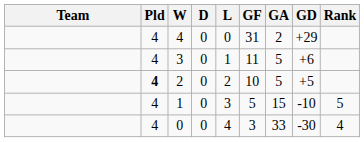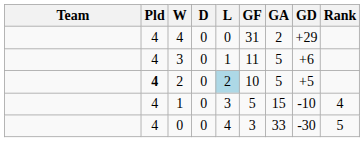 <table class=wikitable style="text-align:center;">
 <tr>
 <th width=150>Team</th>
 <th width=20>Pld</th>
 <th width=20>W</th>
 <th width=20>D</th>
 <th width=20>L</th>
 <th width=20>GF</th>
 <th width=20>GA</th>
 <th width=20>GD</th>
 <th width=20>Rank</th>
 </tr>
 <tr>
 <td align="left"></td>
 <td>4</td>
 <td>4</td>
 <td>0</td>
 <td>0</td>
 <td>31</td>
 <td>2</td>
 <td>+29</td>
 <td></td>
 </tr>
 <tr>
 <td align="left"></td>
 <td>4</td>
 <td>3</td>
 <td>0</td>
 <td>1</td>
 <td>11</td>
 <td>5</td>
 <td>+6</td>
 <td></td>
 </tr>
 <tr>
 <td align=left></td>
 <td><strong>4</strong></td>
 <td>2</td>
 <td>0</td>
-<td>2</td>
+<td style="background: lightblue;">2</td>
 <td>10</td>
 <td>5</td>
 <td>+5</td>
 <td></td>
 </tr>
 <tr>
 <td align="left"></td>
 <td>4</td>
 <td>1</td>
 <td>0</td>
 <td>3</td>
 <td>5</td>
 <td>15</td>
 <td>-10</td>
-<td>5</td>
+<td>4</td>
 </tr>
 <tr>
 <td align="left"></td>
 <td>4</td>
 <td>0</td>
 <td>0</td>
 <td>4</td>
 <td>3</td>
 <td>33</td>
 <td>-30</td>
-<td>4</td>
+<td>5</td>
 </tr>
 </table>
